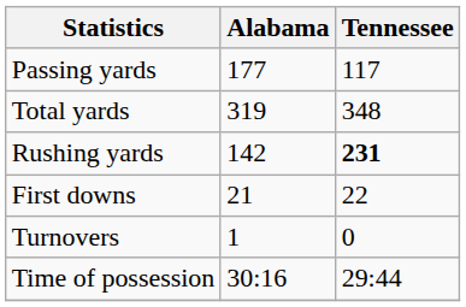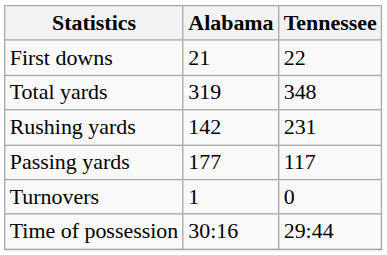 <table class="wikitable" style="float: left;">
 <tr>
 <th>Statistics</th>
 <th>Alabama</th>
 <th>Tennessee</th>
 </tr>
 <tr>
-<td>Passing yards</td>
-<td>177</td>
-<td>117</td>
+<td>First downs</td>
+<td>21</td>
+<td>22</td>
 </tr>
 <tr>
 <td>Total yards</td>
 <td>319</td>
 <td>348</td>
 </tr>
 <tr>
 <td>Rushing yards</td>
 <td>142</td>
-<td><strong>231</strong></td>
+<td>231</td>
 </tr>
 <tr>
-<td>First downs</td>
-<td>21</td>
-<td>22</td>
+<td>Passing yards</td>
+<td>177</td>
+<td>117</td>
 </tr>
 <tr>
 <td>Turnovers</td>
 <td>1</td>
 <td>0</td>
 </tr>
 <tr>
 <td>Time of possession</td>
 <td>30:16</td>
 <td>29:44</td>
 </tr>
 <tr>
 </tr>
 </table>
